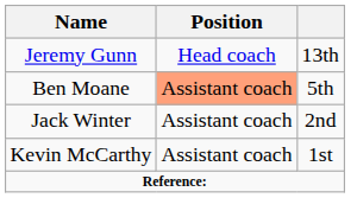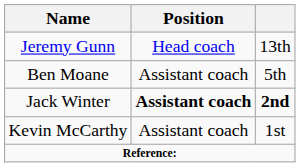 <table class="wikitable" style="font-size: %; text-align: center;">
 <tr>
 <th>Name</th>
 <th>Position</th>
 <th></th>
 </tr>
 <tr>
 <td><a href='#'>Jeremy Gunn</a></td>
 <td><a href='#'>Head coach</a></td>
 <td align=center>13th</td>
 </tr>
 <tr>
 <td>Ben Moane</td>
-<td style="background: lightsalmon;">Assistant coach</td>
+<td>Assistant coach</td>
 <td>5th</td>
 </tr>
 <tr>
 <td>Jack Winter</td>
-<td>Assistant coach</td>
-<td>2nd</td>
+<td><strong>Assistant coach</strong></td>
+<td><strong>2nd</strong></td>
 </tr>
 <tr>
 <td>Kevin McCarthy</td>
 <td>Assistant coach</td>
 <td>1st</td>
 </tr>
 <tr>
 <td colspan="4" style="font-size:8pt; text-align:center;"><strong>Reference:</strong></td>
 </tr>
 </table>
